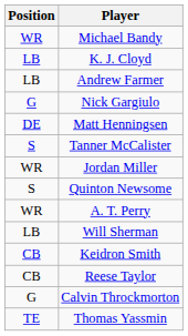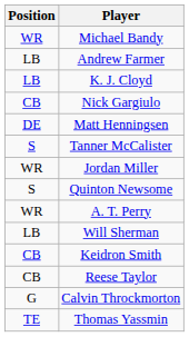 <table class="wikitable" style="text-align:center">
 <tr>
 <th>Position</th>
 <th>Player</th>
 </tr>
 <tr>
 <td><a href='#'>WR</a></td>
 <td><a href='#'>Michael Bandy</a></td>
 </tr>
 <tr>
+<td>LB</td>
+<td><a href='#'>Andrew Farmer</a></td>
+</tr>
+<tr>
 <td><a href='#'>LB</a></td>
 <td><a href='#'>K. J. Cloyd</a></td>
 </tr>
 <tr>
-<td>LB</td>
-<td><a href='#'>Andrew Farmer</a></td>
-</tr>
-<tr>
-<td><a href='#'>G</a></td>
+<td><a href='#'>CB</a></td>
 <td><a href='#'>Nick Gargiulo</a></td>
 </tr>
 <tr>
 <td><a href='#'>DE</a></td>
 <td><a href='#'>Matt Henningsen</a></td>
 </tr>
 <tr>
 <td><a href='#'>S</a></td>
 <td><a href='#'>Tanner McCalister</a></td>
 </tr>
 <tr>
 <td>WR</td>
 <td><a href='#'>Jordan Miller</a></td>
 </tr>
 <tr>
 <td>S</td>
 <td><a href='#'>Quinton Newsome</a></td>
 </tr>
 <tr>
 <td>WR</td>
 <td><a href='#'>A. T. Perry</a></td>
 </tr>
 <tr>
 <td>LB</td>
 <td><a href='#'>Will Sherman</a></td>
 </tr>
 <tr>
 <td><a href='#'>CB</a></td>
 <td><a href='#'>Keidron Smith</a></td>
 </tr>
 <tr>
 <td>CB</td>
 <td><a href='#'>Reese Taylor</a></td>
 </tr>
 <tr>
 <td>G</td>
 <td><a href='#'>Calvin Throckmorton</a></td>
 </tr>
 <tr>
 <td><a href='#'>TE</a></td>
 <td><a href='#'>Thomas Yassmin</a></td>
 </tr>
 </table>
